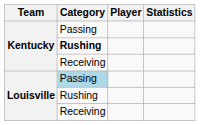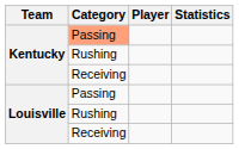 <table class="wikitable" style="float:right">
 <tr>
 <th>Team</th>
 <th>Category</th>
 <th>Player</th>
 <th>Statistics</th>
 </tr>
 <tr>
 <th rowspan=3>Kentucky</th>
-<td>Passing</td>
+<td style="background: lightsalmon;">Passing</td>
 <td></td>
 <td></td>
 </tr>
 <tr>
-<td><strong>Rushing</strong></td>
+<td>Rushing</td>
 <td></td>
 <td></td>
 </tr>
 <tr>
 <td>Receiving</td>
 <td></td>
 <td></td>
 </tr>
 <tr>
 <th rowspan=3>Louisville</th>
-<td style="background: lightblue;">Passing</td>
+<td>Passing</td>
 <td></td>
 <td></td>
 </tr>
 <tr>
 <td>Rushing</td>
 <td></td>
 <td></td>
 </tr>
 <tr>
 <td>Receiving</td>
 <td></td>
 <td></td>
 </tr>
 </table>
